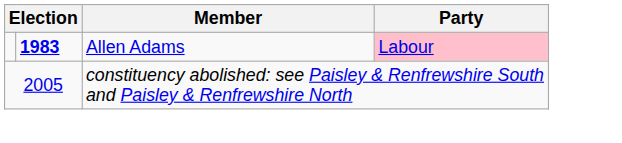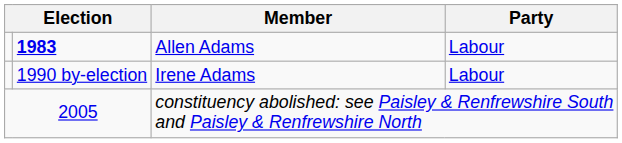 <table class="wikitable">
 <tr>
 <th colspan="2">Election</th>
 <th>Member</th>
 <th>Party</th>
 </tr>
 <tr>
 <td style="color:inherit;background-color: "></td>
 <td><strong><a href='#'>1983</a></strong></td>
 <td><a href='#'>Allen Adams</a></td>
-<td style="background: pink;"><a href='#'>Labour</a></td>
+<td><a href='#'>Labour</a></td>
+</tr>
+<tr>
+<td style="color:inherit;background-color: "></td>
+<td><a href='#'>1990 by-election</a></td>
+<td><a href='#'>Irene Adams</a></td>
+<td><a href='#'>Labour</a></td>
 </tr>
 <tr>
 <td colspan="2" align="center"><a href='#'>2005</a></td>
 <td colspan="2"><em>constituency abolished: see <a href='#'>Paisley & Renfrewshire South</a><br>and <a href='#'>Paisley & Renfrewshire North</a></em></td>
 </tr>
 </table>
